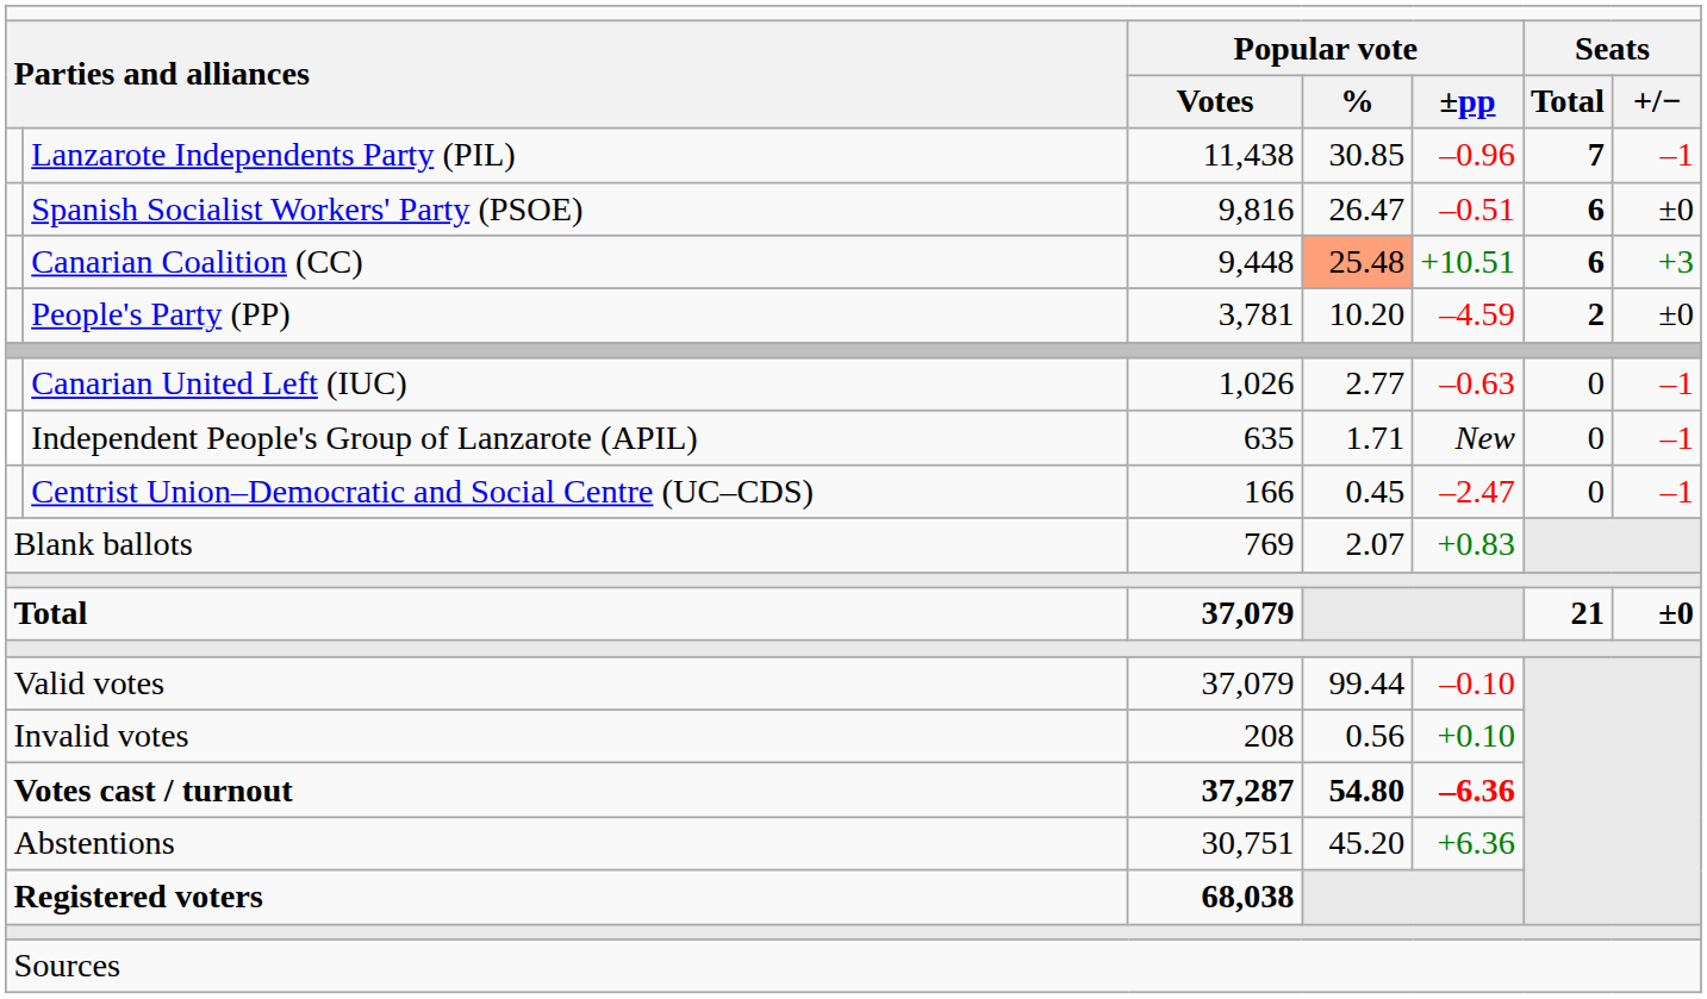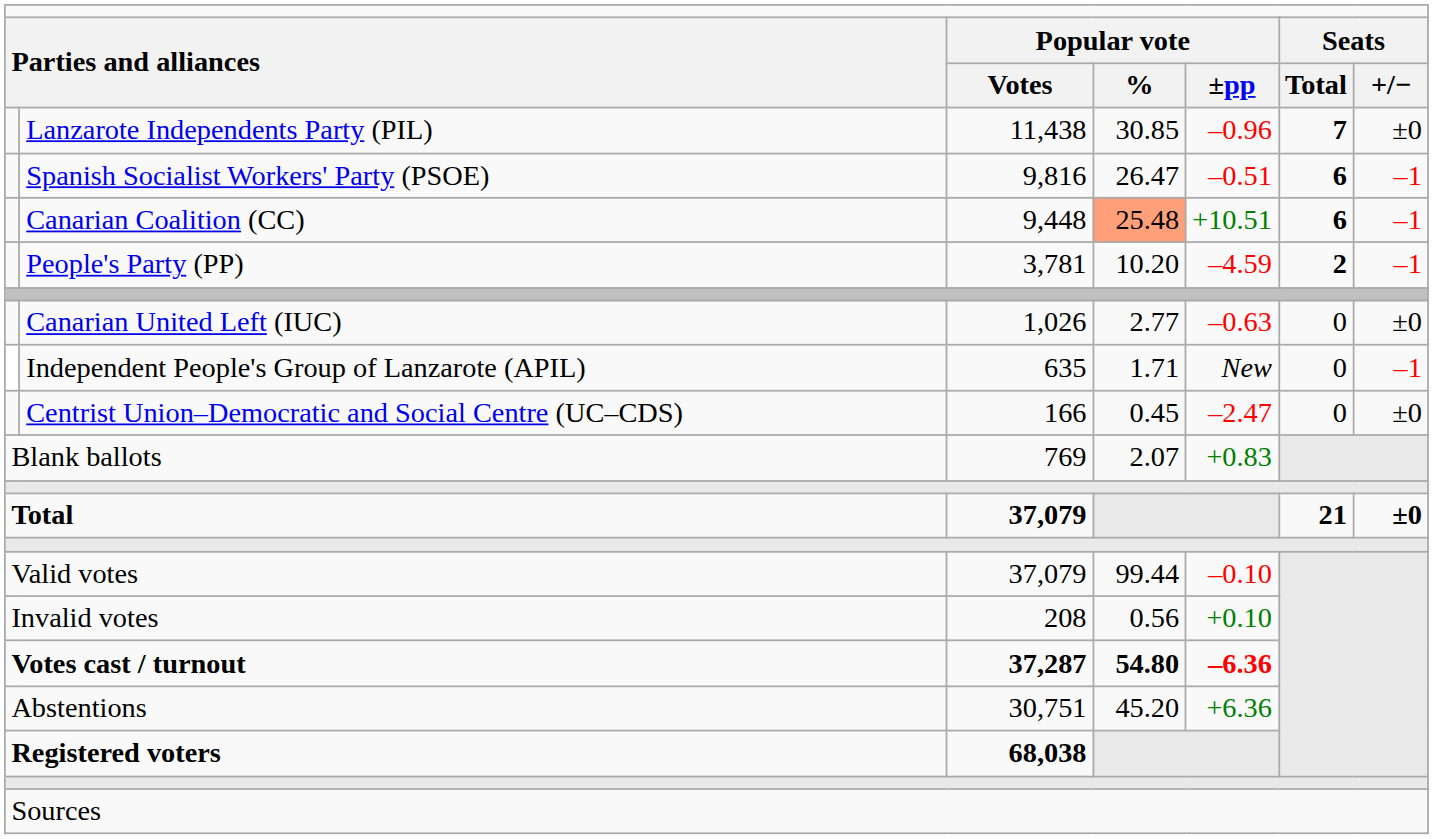 <table class="wikitable" style="text-align:right;">
 <tr>
 <td colspan="7"></td>
 </tr>
 <tr>
 <th style="text-align:left;" rowspan="2" colspan="2" width="525">Parties and alliances</th>
 <th colspan="3">Popular vote</th>
 <th colspan="2">Seats</th>
 </tr>
 <tr>
 <th width="75">Votes</th>
 <th width="45">%</th>
 <th width="45">±<a href='#'>pp</a></th>
 <th width="35">Total</th>
 <th width="35">+/−</th>
 </tr>
 <tr>
 <td width="1" style="color:inherit;background:"></td>
 <td align="left"><a href='#'>Lanzarote Independents Party</a> (PIL)</td>
 <td>11,438</td>
 <td>30.85</td>
 <td style="color:red;">–0.96</td>
 <td><strong>7</strong></td>
-<td style="color:red;">–1</td>
+<td>±0</td>
 </tr>
 <tr>
 <td style="color:inherit;background:"></td>
 <td align="left"><a href='#'>Spanish Socialist Workers' Party</a> (PSOE)</td>
 <td>9,816</td>
 <td>26.47</td>
 <td style="color:red;">–0.51</td>
 <td><strong>6</strong></td>
-<td>±0</td>
+<td style="color:red;">–1</td>
 </tr>
 <tr>
 <td style="color:inherit;background:"></td>
 <td align="left"><a href='#'>Canarian Coalition</a> (CC)</td>
 <td>9,448</td>
 <td style="background: lightsalmon;">25.48</td>
 <td style="color:green;">+10.51</td>
 <td><strong>6</strong></td>
-<td style="color:green;">+3</td>
+<td style="color:red;">–1</td>
 </tr>
 <tr>
 <td style="color:inherit;background:"></td>
 <td align="left"><a href='#'>People's Party</a> (PP)</td>
 <td>3,781</td>
 <td>10.20</td>
 <td style="color:red;">–4.59</td>
 <td><strong>2</strong></td>
-<td>±0</td>
+<td style="color:red;">–1</td>
 </tr>
 <tr>
 <td colspan="7" bgcolor="#C0C0C0"></td>
 </tr>
 <tr>
 <td style="color:inherit;background:"></td>
 <td align="left"><a href='#'>Canarian United Left</a> (IUC)</td>
 <td>1,026</td>
 <td>2.77</td>
 <td style="color:red;">–0.63</td>
 <td>0</td>
-<td style="color:red;">–1</td>
+<td>±0</td>
 </tr>
 <tr>
 <td bgcolor="white"></td>
 <td align="left">Independent People's Group of Lanzarote (APIL)</td>
 <td>635</td>
 <td>1.71</td>
 <td><em>New</em></td>
 <td>0</td>
 <td style="color:red;">–1</td>
 </tr>
 <tr>
 <td style="color:inherit;background:"></td>
 <td align="left"><a href='#'>Centrist Union–Democratic and Social Centre</a> (UC–CDS)</td>
 <td>166</td>
 <td>0.45</td>
 <td style="color:red;">–2.47</td>
 <td>0</td>
-<td style="color:red;">–1</td>
+<td>±0</td>
 </tr>
 <tr>
 <td align="left" colspan="2">Blank ballots</td>
 <td>769</td>
 <td>2.07</td>
 <td style="color:green;">+0.83</td>
 <td bgcolor="#E9E9E9" colspan="2"></td>
 </tr>
 <tr>
 <td colspan="7" bgcolor="#E9E9E9"></td>
 </tr>
 <tr style="font-weight:bold;">
 <td align="left" colspan="2">Total</td>
 <td>37,079</td>
 <td bgcolor="#E9E9E9" colspan="2"></td>
 <td>21</td>
 <td>±0</td>
 </tr>
 <tr>
 <td colspan="7" bgcolor="#E9E9E9"></td>
 </tr>
 <tr>
 <td align="left" colspan="2">Valid votes</td>
 <td>37,079</td>
 <td>99.44</td>
 <td style="color:red;">–0.10</td>
 <td bgcolor="#E9E9E9" colspan="2" rowspan="5"></td>
 </tr>
 <tr>
 <td align="left" colspan="2">Invalid votes</td>
 <td>208</td>
 <td>0.56</td>
 <td style="color:green;">+0.10</td>
 </tr>
 <tr style="font-weight:bold;">
 <td align="left" colspan="2">Votes cast / turnout</td>
 <td>37,287</td>
 <td>54.80</td>
 <td style="color:red;">–6.36</td>
 </tr>
 <tr>
 <td align="left" colspan="2">Abstentions</td>
 <td>30,751</td>
 <td>45.20</td>
 <td style="color:green;">+6.36</td>
 </tr>
 <tr style="font-weight:bold;">
 <td align="left" colspan="2">Registered voters</td>
 <td>68,038</td>
 <td bgcolor="#E9E9E9" colspan="2"></td>
 </tr>
 <tr>
 <td colspan="7" bgcolor="#E9E9E9"></td>
 </tr>
 <tr>
 <td align="left" colspan="7">Sources</td>
 </tr>
 </table>
